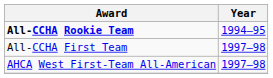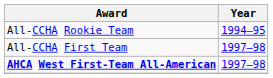 <table class="wikitable">
 <tr>
 <th>Award</th>
 <th>Year</th>
 </tr>
 <tr>
-<td><strong>All-<a href='#'>CCHA</a> <a href='#'>Rookie Team</a></strong></td>
+<td>All-<a href='#'>CCHA</a> <a href='#'>Rookie Team</a></td>
 <td><a href='#'>1994–95</a></td>
 </tr>
 <tr>
 <td>All-<a href='#'>CCHA</a> <a href='#'>First Team</a></td>
 <td><a href='#'>1997–98</a></td>
 </tr>
 <tr>
-<td><a href='#'>AHCA</a> <a href='#'>West First-Team All-American</a></td>
+<td><strong><a href='#'>AHCA</a> <a href='#'>West First-Team All-American</a></strong></td>
 <td><a href='#'>1997–98</a></td>
 </tr>
 <tr>
 </tr>
 </table>
